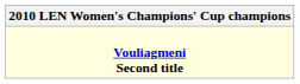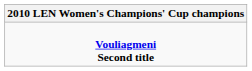 <table class=wikitable style="text-align:center; margin:auto">
 <tr>
 <th>2010 LEN Women's Champions' Cup champions</th>
 </tr>
 <tr>
-<td style="background: lightyellow;"><br> <strong><a href='#'>Vouliagmeni</a></strong> <br> <strong>Second title</strong></td>
+<td><br> <strong><a href='#'>Vouliagmeni</a></strong> <br> <strong>Second title</strong></td>
 </tr>
 </table>
